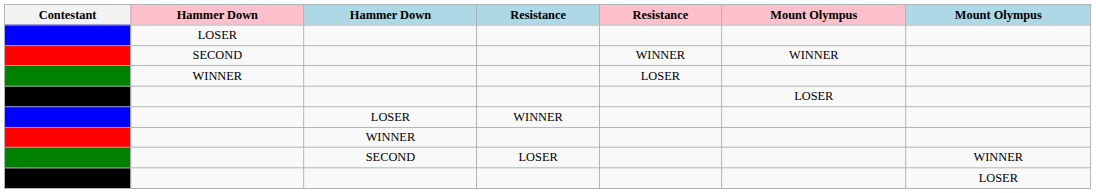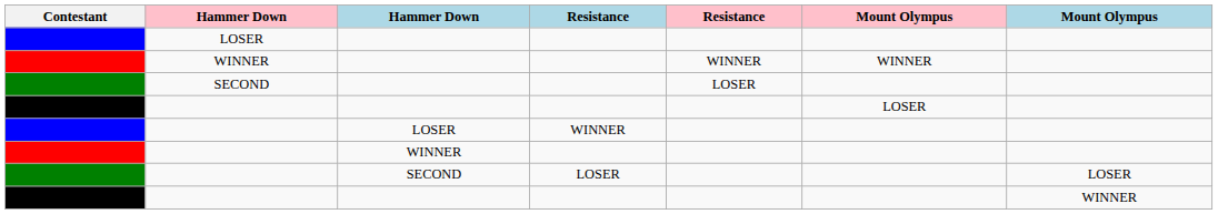 <table class="wikitable" style="text-align:center; font-size:90%; width:100%">
 <tr>
 <th>Contestant</th>
 <th style="background:pink;">Hammer Down</th>
 <th style="background:lightblue;">Hammer Down</th>
 <th style="background:lightblue;">Resistance</th>
 <th style="background:pink;">Resistance</th>
 <th style="background:pink;">Mount Olympus</th>
 <th style="background:lightblue;">Mount Olympus</th>
 </tr>
 <tr>
 <td style="background:blue;"></td>
 <td>LOSER</td>
 <td></td>
 <td></td>
 <td></td>
 <td></td>
 <td></td>
 </tr>
 <tr>
 <td style="background:red;"></td>
-<td>SECOND</td>
+<td>WINNER</td>
 <td></td>
 <td></td>
 <td>WINNER</td>
 <td>WINNER</td>
 <td></td>
 </tr>
 <tr>
 <td style="background:green;"></td>
-<td>WINNER</td>
+<td>SECOND</td>
 <td></td>
 <td></td>
 <td>LOSER</td>
 <td></td>
 <td></td>
 </tr>
 <tr>
 <td style="background:black;"></td>
 <td></td>
 <td></td>
 <td></td>
 <td></td>
 <td>LOSER</td>
 <td></td>
 </tr>
 <tr>
 <td style="background:blue;"></td>
 <td></td>
 <td>LOSER</td>
 <td>WINNER</td>
 <td></td>
 <td></td>
 <td></td>
 </tr>
 <tr>
 <td style="background:red;"></td>
 <td></td>
 <td>WINNER</td>
 <td></td>
 <td></td>
 <td></td>
 <td></td>
 </tr>
 <tr>
 <td style="background:green;"></td>
 <td></td>
 <td>SECOND</td>
 <td>LOSER</td>
 <td></td>
 <td></td>
-<td>WINNER</td>
+<td>LOSER</td>
 </tr>
 <tr>
 <td style="background:black;"></td>
 <td></td>
 <td></td>
 <td></td>
 <td></td>
 <td></td>
-<td>LOSER</td>
+<td>WINNER</td>
 </tr>
 </table>
